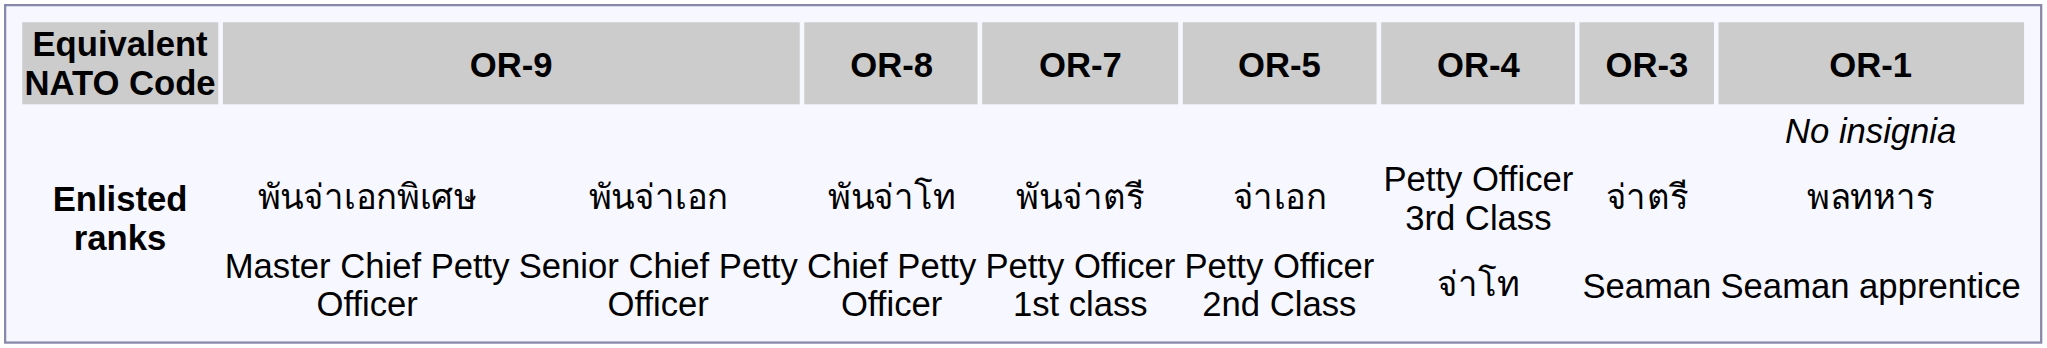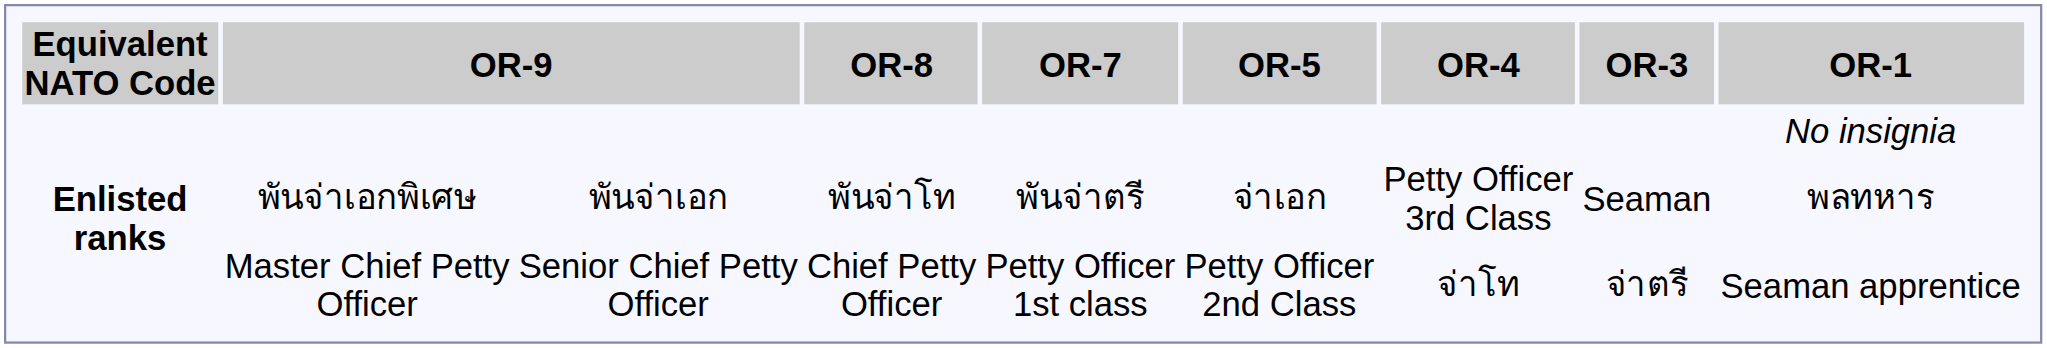 <table style="border:1px solid #8888aa; background:#f7f8ff; padding:5px; font-size:95%; margin:0 12px 12px 0;" style="margin:auto; width:100%;">
 <tr style="background-color:#CCCCCC;">
 <th>Equivalent<br>NATO Code</th>
 <th colspan=2>OR-9</th>
 <th>OR-8</th>
 <th>OR-7</th>
 <th>OR-5</th>
 <th>OR-4</th>
 <th>OR-3</th>
 <th>OR-1</th>
 </tr>
 <tr style="text-align:center;">
 <td rowspan=4><strong>Enlisted<br>ranks</strong></td>
 <td></td>
 <td></td>
 <td></td>
 <td></td>
 <td></td>
 <td></td>
 <td></td>
 <td><em>No insignia</em></td>
 </tr>
 <tr style="text-align:center;">
 <td>พันจ่าเอกพิเศษ</td>
 <td>พันจ่าเอก</td>
 <td>พันจ่าโท</td>
 <td>พันจ่าตรี</td>
 <td>จ่าเอก</td>
 <td>Petty Officer<br>3rd Class</td>
-<td>จ่าตรี</td>
+<td>Seaman</td>
 <td>พลทหาร</td>
 </tr>
 <tr style="text-align:center;">
 <td>Master Chief Petty<br>Officer</td>
 <td>Senior Chief Petty<br>Officer</td>
 <td>Chief Petty<br>Officer</td>
 <td>Petty Officer<br>1st class</td>
 <td>Petty Officer<br>2nd Class</td>
 <td>จ่าโท</td>
-<td>Seaman</td>
+<td>จ่าตรี</td>
 <td>Seaman apprentice</td>
 </tr>
 </table>
